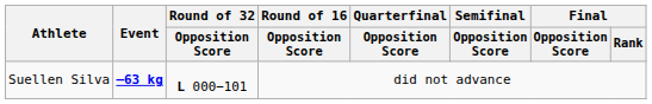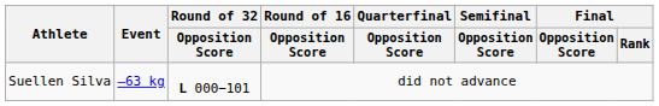 <table class=wikitable style=font-size:90%;text-align:center>
 <tr>
 <th rowspan=2>Athlete</th>
 <th rowspan=2>Event</th>
 <th>Round of 32</th>
 <th>Round of 16</th>
 <th>Quarterfinal</th>
 <th>Semifinal</th>
 <th colspan=2>Final</th>
 </tr>
 <tr style=font-size:95%>
 <th>Opposition<br>Score</th>
 <th>Opposition<br>Score</th>
 <th>Opposition<br>Score</th>
 <th>Opposition<br>Score</th>
 <th>Opposition<br>Score</th>
 <th>Rank</th>
 </tr>
 <tr>
 <td align=left>Suellen Silva</td>
-<td align=left><strong><a href='#'>–63 kg</a></strong></td>
+<td align=left><a href='#'>–63 kg</a></td>
 <td><br><strong>L</strong> 000−101</td>
 <td colspan=5>did not advance</td>
 </tr>
 </table>
